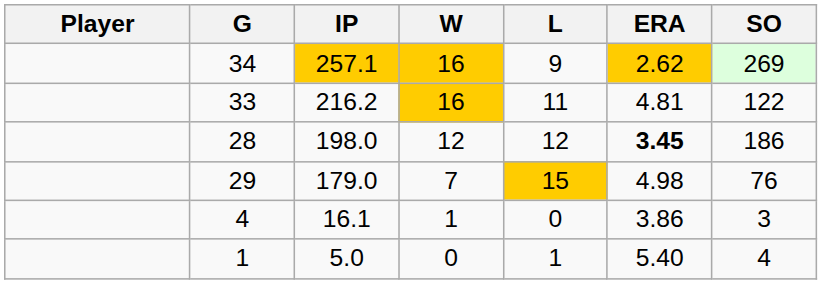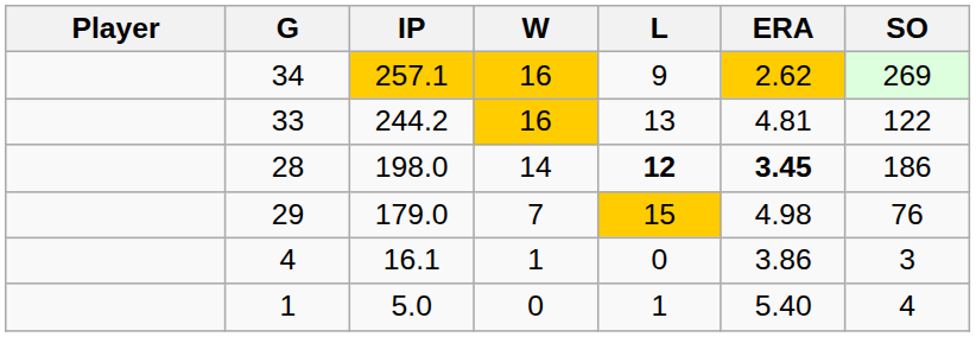 <table class="wikitable sortable">
 <tr>
 <th bgcolor="#DDDDFF" width="16%">Player</th>
 <th bgcolor="#DDDDFF" width="9%">G</th>
 <th bgcolor="#DDDDFF" width="9%">IP</th>
 <th bgcolor="#DDDDFF" width="9%">W</th>
 <th bgcolor="#DDDDFF" width="9%">L</th>
 <th bgcolor="#DDDDFF" width="9%">ERA</th>
 <th bgcolor="#DDDDFF" width="9%">SO</th>
 </tr>
 <tr align=center>
 <td></td>
 <td>34</td>
 <td style="background:#fc0;">257.1</td>
 <td style="background:#fc0;">16</td>
 <td>9</td>
 <td style="background:#fc0;">2.62</td>
 <td style="background:#DDFFDD;">269</td>
 </tr>
 <tr align=center>
 <td></td>
 <td>33</td>
-<td>216.2</td>
+<td>244.2</td>
 <td style="background:#fc0;">16</td>
-<td>11</td>
+<td>13</td>
 <td>4.81</td>
 <td>122</td>
 </tr>
 <tr align=center>
 <td></td>
 <td>28</td>
 <td>198.0</td>
-<td>12</td>
-<td>12</td>
+<td>14</td>
+<td><strong>12</strong></td>
 <td><strong>3.45</strong></td>
 <td>186</td>
 </tr>
 <tr align=center>
 <td></td>
 <td>29</td>
 <td>179.0</td>
 <td>7</td>
 <td style="background:#fc0;">15</td>
 <td>4.98</td>
 <td>76</td>
 </tr>
 <tr align=center>
 <td></td>
 <td>4</td>
 <td>16.1</td>
 <td>1</td>
 <td>0</td>
 <td>3.86</td>
 <td>3</td>
 </tr>
 <tr align=center>
 <td></td>
 <td>1</td>
 <td>5.0</td>
 <td>0</td>
 <td>1</td>
 <td>5.40</td>
 <td>4</td>
 </tr>
 </table>
